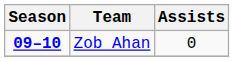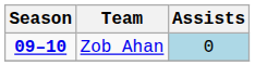 <table class="wikitable" style="text-align: center;">
 <tr>
 <th>Season</th>
 <th>Team</th>
 <th>Assists</th>
 </tr>
 <tr>
 <td><strong><a href='#'>09–10</a></strong></td>
 <td align="left"><a href='#'>Zob Ahan</a></td>
-<td>0</td>
+<td style="background: lightblue;">0</td>
 </tr>
 <tr>
 </tr>
 </table>
